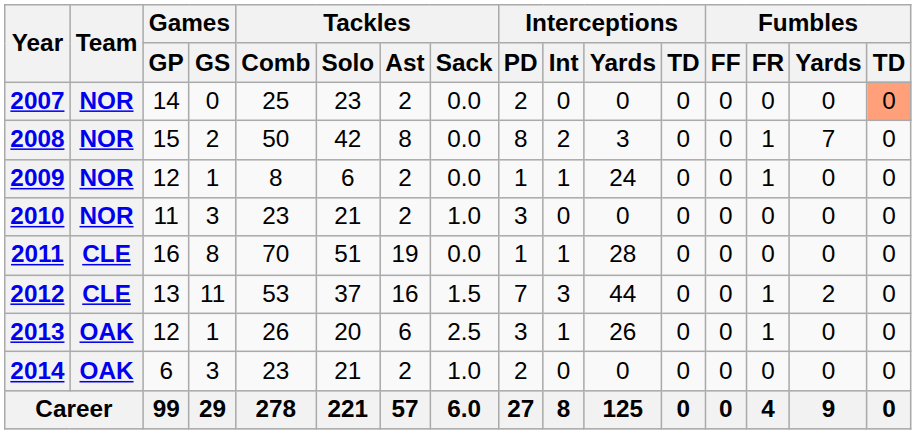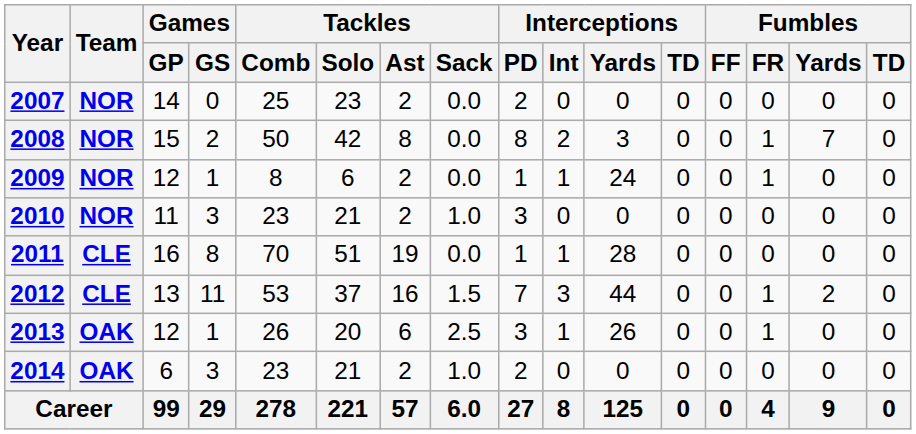 <table class= "wikitable" float="left" border="1" style="text-align:center; width:45%;">
 <tr>
 <th rowspan="2">Year</th>
 <th rowspan="2">Team</th>
 <th colspan="2">Games</th>
 <th colspan="4">Tackles</th>
 <th colspan="4">Interceptions</th>
 <th colspan="4">Fumbles</th>
 </tr>
 <tr>
 <th>GP</th>
 <th>GS</th>
 <th>Comb</th>
 <th>Solo</th>
 <th>Ast</th>
 <th>Sack</th>
 <th>PD</th>
 <th>Int</th>
 <th>Yards</th>
 <th>TD</th>
 <th>FF</th>
 <th>FR</th>
 <th>Yards</th>
 <th>TD</th>
 </tr>
 <tr>
 <th><a href='#'>2007</a></th>
 <th><a href='#'>NOR</a></th>
 <td>14</td>
 <td>0</td>
 <td>25</td>
 <td>23</td>
 <td>2</td>
 <td>0.0</td>
 <td>2</td>
 <td>0</td>
 <td>0</td>
 <td>0</td>
 <td>0</td>
 <td>0</td>
 <td>0</td>
-<td style="background: lightsalmon;">0</td>
+<td>0</td>
 </tr>
 <tr>
 <th><a href='#'>2008</a></th>
 <th><a href='#'>NOR</a></th>
 <td>15</td>
 <td>2</td>
 <td>50</td>
 <td>42</td>
 <td>8</td>
 <td>0.0</td>
 <td>8</td>
 <td>2</td>
 <td>3</td>
 <td>0</td>
 <td>0</td>
 <td>1</td>
 <td>7</td>
 <td>0</td>
 </tr>
 <tr>
 <th><a href='#'>2009</a></th>
 <th><a href='#'>NOR</a></th>
 <td>12</td>
 <td>1</td>
 <td>8</td>
 <td>6</td>
 <td>2</td>
 <td>0.0</td>
 <td>1</td>
 <td>1</td>
 <td>24</td>
 <td>0</td>
 <td>0</td>
 <td>1</td>
 <td>0</td>
 <td>0</td>
 </tr>
 <tr>
 <th><a href='#'>2010</a></th>
 <th><a href='#'>NOR</a></th>
 <td>11</td>
 <td>3</td>
 <td>23</td>
 <td>21</td>
 <td>2</td>
 <td>1.0</td>
 <td>3</td>
 <td>0</td>
 <td>0</td>
 <td>0</td>
 <td>0</td>
 <td>0</td>
 <td>0</td>
 <td>0</td>
 </tr>
 <tr>
 <th><a href='#'>2011</a></th>
 <th><a href='#'>CLE</a></th>
 <td>16</td>
 <td>8</td>
 <td>70</td>
 <td>51</td>
 <td>19</td>
 <td>0.0</td>
 <td>1</td>
 <td>1</td>
 <td>28</td>
 <td>0</td>
 <td>0</td>
 <td>0</td>
 <td>0</td>
 <td>0</td>
 </tr>
 <tr>
 <th><a href='#'>2012</a></th>
 <th><a href='#'>CLE</a></th>
 <td>13</td>
 <td>11</td>
 <td>53</td>
 <td>37</td>
 <td>16</td>
 <td>1.5</td>
 <td>7</td>
 <td>3</td>
 <td>44</td>
 <td>0</td>
 <td>0</td>
 <td>1</td>
 <td>2</td>
 <td>0</td>
 </tr>
 <tr>
 <th><a href='#'>2013</a></th>
 <th><a href='#'>OAK</a></th>
 <td>12</td>
 <td>1</td>
 <td>26</td>
 <td>20</td>
 <td>6</td>
 <td>2.5</td>
 <td>3</td>
 <td>1</td>
 <td>26</td>
 <td>0</td>
 <td>0</td>
 <td>1</td>
 <td>0</td>
 <td>0</td>
 </tr>
 <tr>
 <th><a href='#'>2014</a></th>
 <th><a href='#'>OAK</a></th>
 <td>6</td>
 <td>3</td>
 <td>23</td>
 <td>21</td>
 <td>2</td>
 <td>1.0</td>
 <td>2</td>
 <td>0</td>
 <td>0</td>
 <td>0</td>
 <td>0</td>
 <td>0</td>
 <td>0</td>
 <td>0</td>
 </tr>
 <tr>
 <th colspan="2">Career</th>
 <th>99</th>
 <th>29</th>
 <th>278</th>
 <th>221</th>
 <th>57</th>
 <th>6.0</th>
 <th>27</th>
 <th>8</th>
 <th>125</th>
 <th>0</th>
 <th>0</th>
 <th>4</th>
 <th>9</th>
 <th>0</th>
 </tr>
 </table>
